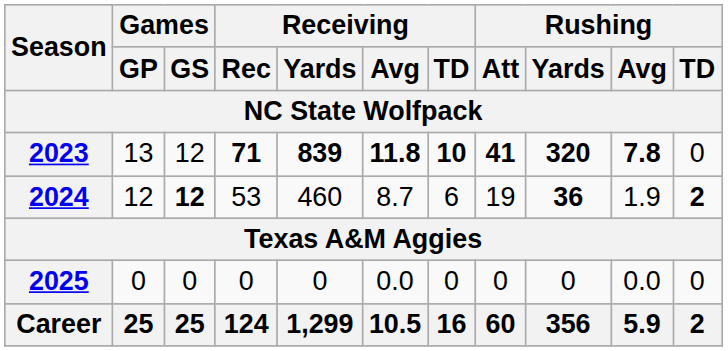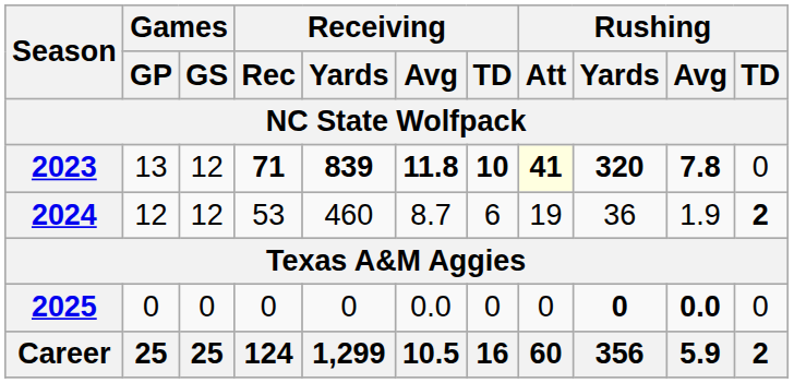 <table class="wikitable" style="text-align:center;">
 <tr>
 <th rowspan="2">Season</th>
 <th colspan="2">Games</th>
 <th colspan="4">Receiving</th>
 <th colspan="4">Rushing</th>
 </tr>
 <tr>
 <th>GP</th>
 <th>GS</th>
 <th>Rec</th>
 <th>Yards</th>
 <th>Avg</th>
 <th>TD</th>
 <th>Att</th>
 <th>Yards</th>
 <th>Avg</th>
 <th>TD</th>
 </tr>
 <tr>
 <th colspan="12">NC State Wolfpack</th>
 </tr>
 <tr>
 <th><a href='#'>2023</a></th>
 <td>13</td>
 <td>12</td>
 <td><strong>71</strong></td>
 <td><strong>839</strong></td>
 <td><strong>11.8</strong></td>
 <td><strong>10</strong></td>
-<td><strong>41</strong></td>
+<td style="background: lightyellow;"><strong>41</strong></td>
 <td><strong>320</strong></td>
 <td><strong>7.8</strong></td>
 <td>0</td>
 </tr>
 <tr>
 <th><a href='#'>2024</a></th>
 <td>12</td>
-<td><strong>12</strong></td>
+<td>12</td>
 <td>53</td>
 <td>460</td>
 <td>8.7</td>
 <td>6</td>
 <td>19</td>
-<td><strong>36</strong></td>
+<td>36</td>
 <td>1.9</td>
 <td><strong>2</strong></td>
 </tr>
 <tr>
 <th colspan="12">Texas A&M Aggies</th>
 </tr>
 <tr>
 <th><a href='#'>2025</a></th>
 <td>0</td>
 <td>0</td>
 <td>0</td>
 <td>0</td>
 <td>0.0</td>
 <td>0</td>
 <td>0</td>
-<td>0</td>
-<td>0.0</td>
+<td><strong>0</strong></td>
+<td><strong>0.0</strong></td>
 <td>0</td>
 </tr>
 <tr>
 <th>Career</th>
 <th>25</th>
 <th>25</th>
 <th>124</th>
 <th>1,299</th>
 <th>10.5</th>
 <th>16</th>
 <th>60</th>
 <th>356</th>
 <th>5.9</th>
 <th>2</th>
 </tr>
 </table>
